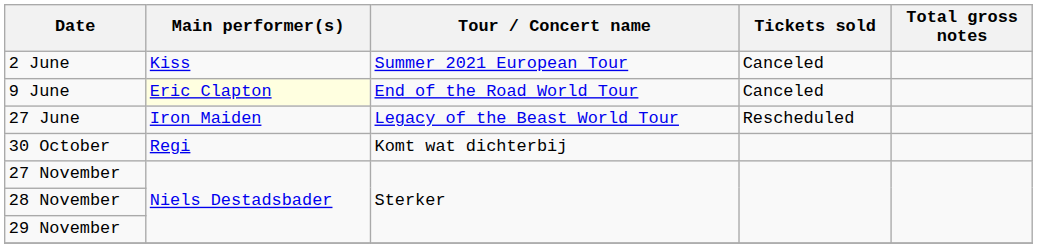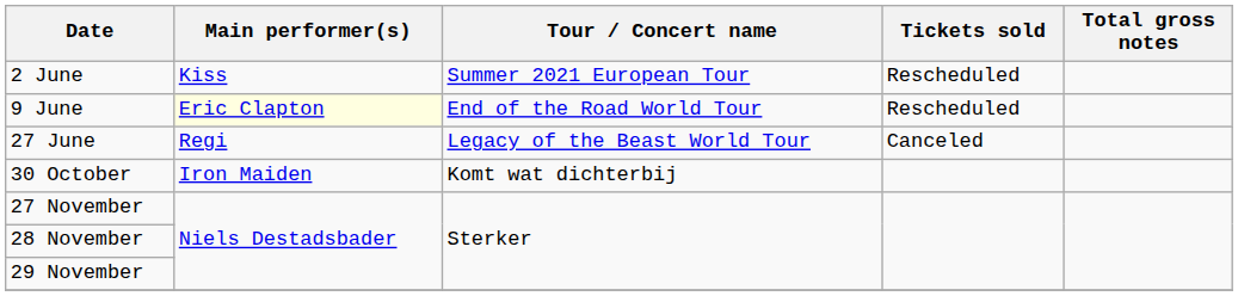 <table class="wikitable"  style="text-align:left; font-size:95%; width:85%;">
 <tr>
 <th style="text-align:center;">Date</th>
 <th style="text-align:center;">Main performer(s)</th>
 <th style="text-align:center;">Tour / Concert name</th>
 <th style="text-align:center;">Tickets sold</th>
 <th style="text-align:center;">Total gross<br>notes</th>
 </tr>
 <tr>
 <td>2 June</td>
 <td><a href='#'>Kiss</a></td>
 <td><a href='#'>Summer 2021 European Tour</a></td>
-<td>Canceled</td>
+<td>Rescheduled</td>
 <td></td>
 </tr>
 <tr>
 <td>9 June</td>
 <td style="background: lightyellow;"><a href='#'>Eric Clapton</a></td>
 <td><a href='#'>End of the Road World Tour</a></td>
-<td>Canceled</td>
+<td>Rescheduled</td>
 </tr>
 <tr>
 <td>27 June</td>
-<td><a href='#'>Iron Maiden</a></td>
+<td><a href='#'>Regi</a></td>
 <td><a href='#'>Legacy of the Beast World Tour</a></td>
-<td>Rescheduled</td>
+<td>Canceled</td>
 <td></td>
 </tr>
 <tr>
 <td>30 October</td>
-<td><a href='#'>Regi</a></td>
+<td><a href='#'>Iron Maiden</a></td>
 <td>Komt wat dichterbij</td>
 <td></td>
 <td></td>
 </tr>
 <tr>
 <td>27 November</td>
 <td rowspan="3"><a href='#'>Niels Destadsbader</a></td>
 <td rowspan="3">Sterker</td>
 <td align=center rowspan="3"></td>
 <td rowspan="3"></td>
 </tr>
 <tr>
 <td>28 November</td>
 </tr>
 <tr>
 <td>29 November</td>
 </tr>
 <tr>
 </tr>
 </table>
